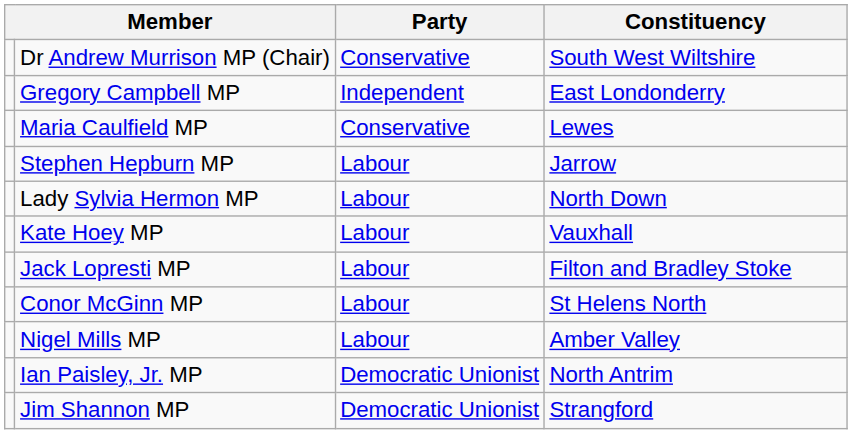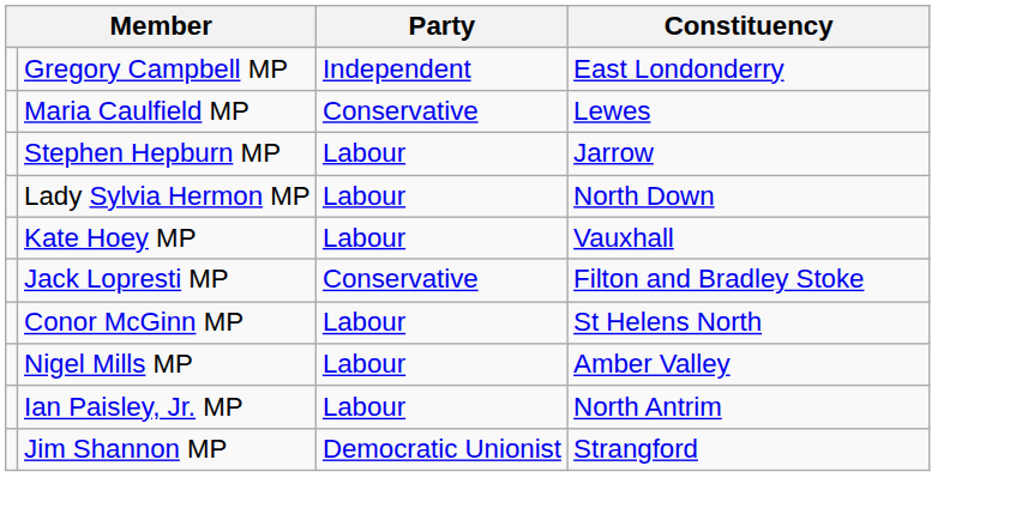 <table class="wikitable">
 <tr>
 <th width="160px" colspan="2" valign="top">Member</th>
 <th valign="top">Party</th>
 <th width="210px" valign="top">Constituency</th>
-</tr>
-<tr>
-<td style="color:inherit;background:"></td>
-<td>Dr <a href='#'>Andrew Murrison</a> MP (Chair)</td>
-<td><a href='#'>Conservative</a></td>
-<td><a href='#'>South West Wiltshire</a></td>
 </tr>
 <tr>
 <td style="color:inherit;background:"></td>
 <td><a href='#'>Gregory Campbell</a> MP</td>
 <td><a href='#'>Independent</a></td>
 <td><a href='#'>East Londonderry</a></td>
 </tr>
 <tr>
 <td style="color:inherit;background:"></td>
 <td><a href='#'>Maria Caulfield</a> MP</td>
 <td><a href='#'>Conservative</a></td>
 <td><a href='#'>Lewes</a></td>
 </tr>
 <tr>
 <td style="color:inherit;background:"></td>
 <td><a href='#'>Stephen Hepburn</a> MP</td>
 <td><a href='#'>Labour</a></td>
 <td><a href='#'>Jarrow</a></td>
 </tr>
 <tr>
 <td style="color:inherit;background:"></td>
 <td>Lady <a href='#'>Sylvia Hermon</a> MP</td>
 <td><a href='#'>Labour</a></td>
 <td><a href='#'>North Down</a></td>
 </tr>
 <tr>
 <td style="color:inherit;background:"></td>
 <td><a href='#'>Kate Hoey</a> MP</td>
 <td><a href='#'>Labour</a></td>
 <td><a href='#'>Vauxhall</a></td>
 </tr>
 <tr>
 <td style="color:inherit;background:"></td>
 <td><a href='#'>Jack Lopresti</a> MP</td>
-<td><a href='#'>Labour</a></td>
+<td><a href='#'>Conservative</a></td>
 <td><a href='#'>Filton and Bradley Stoke</a></td>
 </tr>
 <tr>
 <td style="color:inherit;background:"></td>
 <td><a href='#'>Conor McGinn</a> MP</td>
 <td><a href='#'>Labour</a></td>
 <td><a href='#'>St Helens North</a></td>
 </tr>
 <tr>
 <td style="color:inherit;background:"></td>
 <td><a href='#'>Nigel Mills</a> MP</td>
 <td><a href='#'>Labour</a></td>
 <td><a href='#'>Amber Valley</a></td>
 </tr>
 <tr>
 <td style="color:inherit;background:"></td>
 <td><a href='#'>Ian Paisley, Jr.</a> MP</td>
-<td><a href='#'>Democratic Unionist</a></td>
+<td><a href='#'>Labour</a></td>
 <td><a href='#'>North Antrim</a></td>
 </tr>
 <tr>
 <td style="color:inherit;background:"></td>
 <td><a href='#'>Jim Shannon</a> MP</td>
 <td><a href='#'>Democratic Unionist</a></td>
 <td><a href='#'>Strangford</a></td>
 </tr>
 </table>
